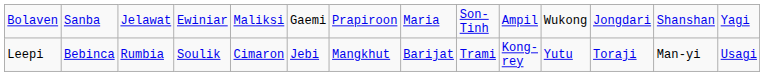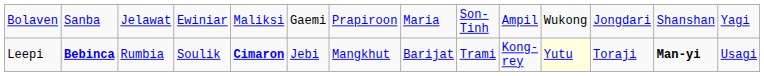 <table class="wikitable">
 <tr>
 <td><a href='#'>Bolaven</a></td>
 <td><a href='#'>Sanba</a></td>
 <td><a href='#'>Jelawat</a></td>
 <td><a href='#'>Ewiniar</a></td>
 <td><a href='#'>Maliksi</a></td>
 <td>Gaemi</td>
 <td><a href='#'>Prapiroon</a></td>
 <td><a href='#'>Maria</a></td>
 <td><a href='#'>Son-Tinh</a></td>
 <td><a href='#'>Ampil</a></td>
 <td>Wukong</td>
 <td><a href='#'>Jongdari</a></td>
 <td><a href='#'>Shanshan</a></td>
 <td><a href='#'>Yagi</a></td>
 </tr>
 <tr>
 <td>Leepi</td>
-<td><a href='#'>Bebinca</a></td>
+<td><strong><a href='#'>Bebinca</a></strong></td>
 <td><a href='#'>Rumbia</a></td>
 <td><a href='#'>Soulik</a></td>
-<td><a href='#'>Cimaron</a></td>
+<td><strong><a href='#'>Cimaron</a></strong></td>
 <td><a href='#'>Jebi</a></td>
 <td><a href='#'>Mangkhut</a></td>
 <td><a href='#'>Barijat</a></td>
 <td><a href='#'>Trami</a></td>
 <td><a href='#'>Kong-rey</a></td>
-<td><a href='#'>Yutu</a></td>
+<td style="background: lightyellow;"><a href='#'>Yutu</a></td>
 <td><a href='#'>Toraji</a></td>
-<td>Man-yi</td>
+<td><strong>Man-yi</strong></td>
 <td><a href='#'>Usagi</a></td>
 </tr>
 </table>
